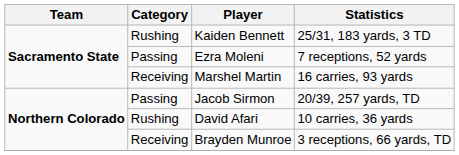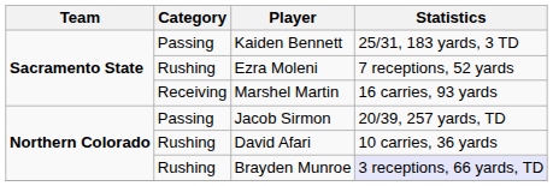 <table class="wikitable" style="float: right;">
 <tr>
 <th>Team</th>
 <th>Category</th>
 <th>Player</th>
 <th>Statistics</th>
 </tr>
 <tr>
 <td rowspan=3><strong>Sacramento State</strong></td>
-<td>Rushing</td>
+<td>Passing</td>
 <td>Kaiden Bennett</td>
 <td>25/31, 183 yards, 3 TD</td>
 </tr>
 <tr>
-<td>Passing</td>
+<td>Rushing</td>
 <td>Ezra Moleni</td>
 <td>7 receptions, 52 yards</td>
 </tr>
 <tr>
 <td>Receiving</td>
 <td>Marshel Martin</td>
 <td>16 carries, 93 yards</td>
 </tr>
 <tr>
 <td rowspan=3><strong>Northern Colorado</strong></td>
 <td>Passing</td>
 <td>Jacob Sirmon</td>
 <td>20/39, 257 yards, TD</td>
 </tr>
 <tr>
 <td>Rushing</td>
 <td>David Afari</td>
 <td>10 carries, 36 yards</td>
 </tr>
 <tr>
-<td>Receiving</td>
+<td>Rushing</td>
 <td>Brayden Munroe</td>
-<td>3 receptions, 66 yards, TD</td>
+<td style="background: lavender;">3 receptions, 66 yards, TD</td>
 </tr>
 <tr>
 </tr>
 </table>
